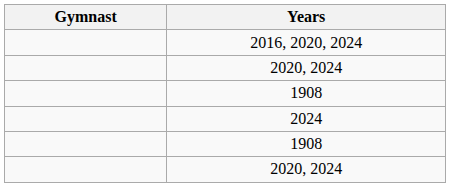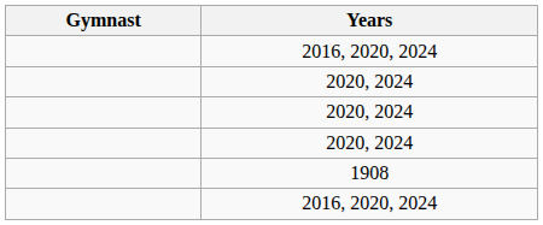 <table class="wikitable sortable" width=50% style="text-align:center;">
 <tr>
 <th>Gymnast</th>
 <th>Years</th>
 </tr>
 <tr>
 <td></td>
 <td>2016, 2020, 2024</td>
 </tr>
 <tr>
 <td></td>
 <td>2020, 2024</td>
 </tr>
 <tr>
 <td></td>
-<td>1908</td>
+<td>2020, 2024</td>
 </tr>
 <tr>
 <td></td>
-<td>2024</td>
+<td>2020, 2024</td>
 </tr>
 <tr>
 <td></td>
 <td>1908</td>
 </tr>
 <tr>
 <td></td>
-<td>2020, 2024</td>
+<td>2016, 2020, 2024</td>
 </tr>
 </table>
